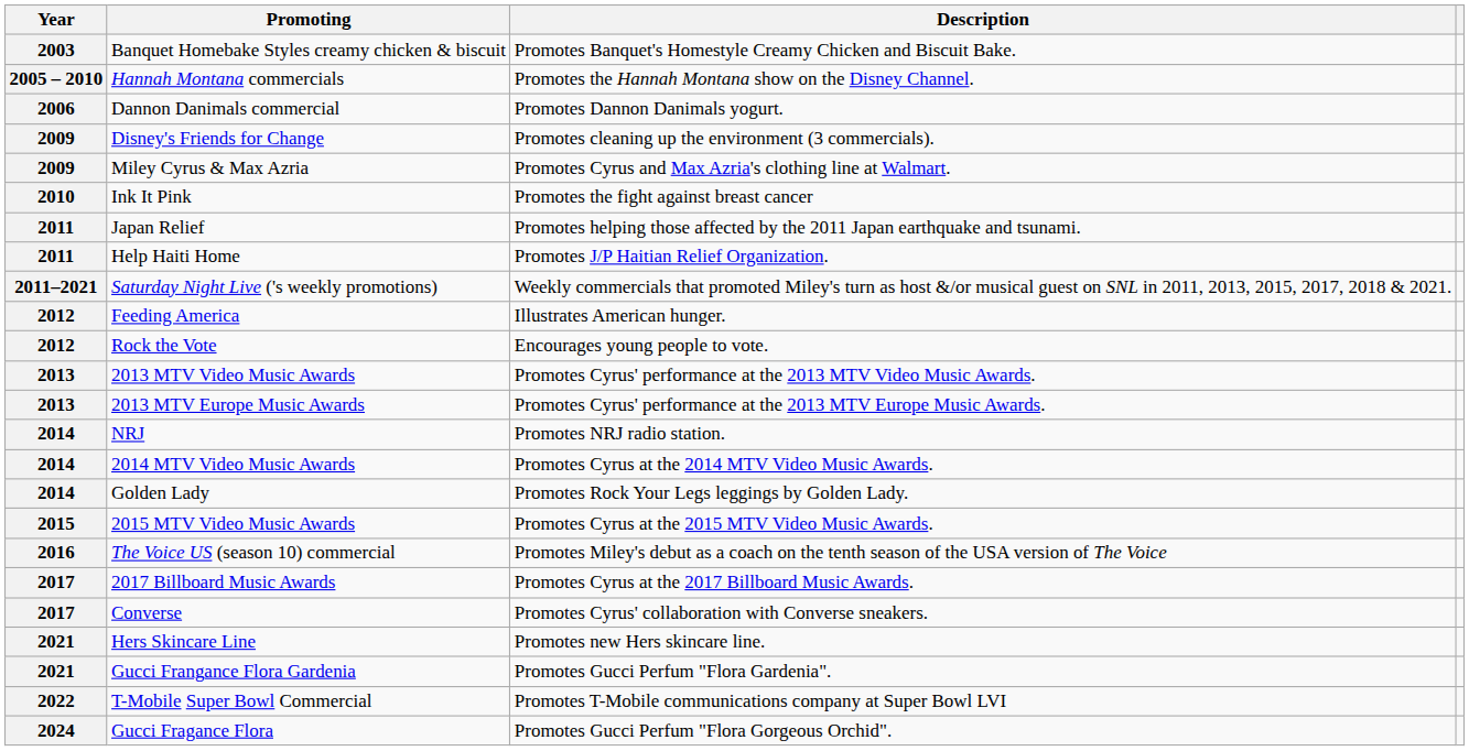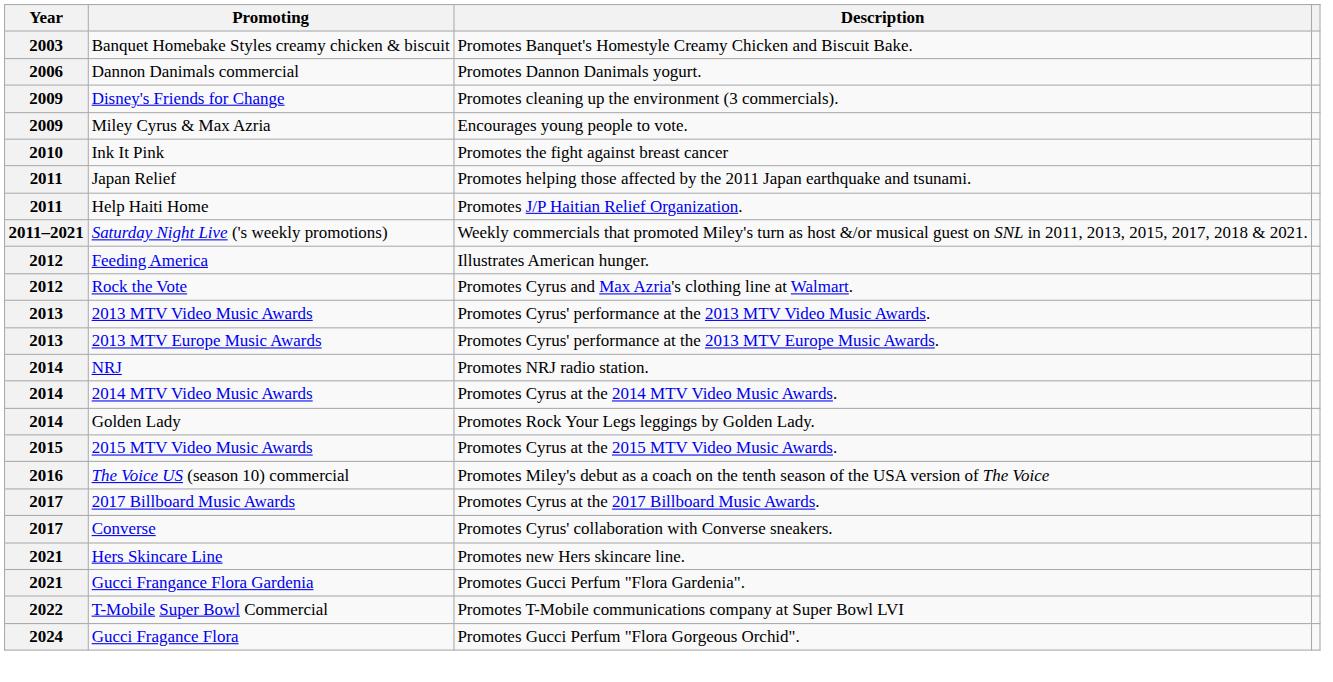 <table class="wikitable plainrowheaders sortable" style="margin-right: 0;">
 <tr>
 <th scope="col">Year</th>
 <th scope="col">Promoting</th>
 <th scope="col" class="unsortable">Description</th>
 <th scope="col" class="unsortable"></th>
 </tr>
 <tr>
 <th scope=row>2003</th>
 <td>Banquet Homebake Styles creamy chicken & biscuit</td>
 <td style="text-align:left;">Promotes Banquet's Homestyle Creamy Chicken and Biscuit Bake.</td>
-<td></td>
-</tr>
-<tr>
-<th scope=row>2005 – 2010</th>
-<td><em><a href='#'>Hannah Montana</a></em> commercials</td>
-<td style="text-align:left;">Promotes the <em>Hannah Montana</em> show on the <a href='#'>Disney Channel</a>.</td>
 <td></td>
 </tr>
 <tr>
 <th scope="row">2006</th>
 <td>Dannon Danimals commercial</td>
 <td>Promotes Dannon Danimals yogurt.</td>
 <td></td>
 </tr>
 <tr>
 <th scope="row">2009</th>
 <td><a href='#'>Disney's Friends for Change</a></td>
 <td style="text-align:left;">Promotes cleaning up the environment (3 commercials).</td>
 <td></td>
 </tr>
 <tr>
 <th scope=row>2009</th>
 <td>Miley Cyrus & Max Azria</td>
-<td style="text-align:left;">Promotes Cyrus and <a href='#'>Max Azria</a>'s clothing line at <a href='#'>Walmart</a>.</td>
+<td style="text-align:left;">Encourages young people to vote.</td>
 <td></td>
 </tr>
 <tr>
 <th scope=row>2010</th>
 <td>Ink It Pink</td>
 <td style="text-align:left;">Promotes the fight against breast cancer</td>
 <td></td>
 </tr>
 <tr>
 <th scope=row>2011</th>
 <td>Japan Relief</td>
 <td style="text-align:left;">Promotes helping those affected by the 2011 Japan earthquake and tsunami.</td>
 <td></td>
 </tr>
 <tr>
 <th scope=row>2011</th>
 <td>Help Haiti Home</td>
 <td style="text-align:left;">Promotes <a href='#'>J/P Haitian Relief Organization</a>.</td>
 <td></td>
 </tr>
 <tr>
 <th scope=row>2011–2021</th>
 <td><em><a href='#'>Saturday Night Live</a></em> ('s weekly promotions)</td>
 <td style="text-alugn:left;">Weekly commercials that promoted Miley's turn as host &/or musical guest on <em>SNL</em> in 2011, 2013, 2015, 2017, 2018 & 2021.</td>
 <td></td>
 </tr>
 <tr>
 <th scope=row>2012</th>
 <td><a href='#'>Feeding America</a></td>
 <td style="text-align:left;">Illustrates American hunger.</td>
 <td></td>
 </tr>
 <tr>
 <th scope=row>2012</th>
 <td><a href='#'>Rock the Vote</a></td>
-<td style="text-align:left;">Encourages young people to vote.</td>
+<td style="text-align:left;">Promotes Cyrus and <a href='#'>Max Azria</a>'s clothing line at <a href='#'>Walmart</a>.</td>
 <td></td>
 </tr>
 <tr>
 <th scope=row>2013</th>
 <td><a href='#'>2013 MTV Video Music Awards</a></td>
 <td style="text-align:left;">Promotes Cyrus' performance at the <a href='#'>2013 MTV Video Music Awards</a>.</td>
 <td></td>
 </tr>
 <tr>
 <th scope=row>2013</th>
 <td><a href='#'>2013 MTV Europe Music Awards</a></td>
 <td style="text-align:left;">Promotes Cyrus' performance at the <a href='#'>2013 MTV Europe Music Awards</a>.</td>
 <td></td>
 </tr>
 <tr>
 <th scope=row>2014</th>
 <td><a href='#'>NRJ</a></td>
 <td style="text-align:left;">Promotes NRJ radio station.</td>
 <td></td>
 </tr>
 <tr>
 <th scope=row>2014</th>
 <td><a href='#'>2014 MTV Video Music Awards</a></td>
 <td style="text-align:left;">Promotes Cyrus at the <a href='#'>2014 MTV Video Music Awards</a>.</td>
 <td></td>
 </tr>
 <tr>
 <th scope=row>2014</th>
 <td>Golden Lady</td>
 <td style="text-align:left;">Promotes Rock Your Legs leggings by Golden Lady.</td>
 <td></td>
 </tr>
 <tr>
 <th scope=row>2015</th>
 <td><a href='#'>2015 MTV Video Music Awards</a></td>
 <td style="text-align:left;">Promotes Cyrus at the <a href='#'>2015 MTV Video Music Awards</a>.</td>
 <td></td>
 </tr>
 <tr>
 <th scope=row>2016</th>
 <td><a href='#'><em>The Voice US</em></a> (season 10) commercial</td>
 <td style="text-align:left;">Promotes Miley's debut as a coach on the tenth season of the USA version of <em>The Voice</em></td>
 <td></td>
 </tr>
 <tr>
 <th scope=row>2017</th>
 <td><a href='#'>2017 Billboard Music Awards</a></td>
 <td style="text-align:left;">Promotes Cyrus at the <a href='#'>2017 Billboard Music Awards</a>.</td>
 <td></td>
 </tr>
 <tr>
 <th scope=row>2017</th>
 <td><a href='#'>Converse</a></td>
 <td style="text-align:left;">Promotes Cyrus' collaboration with Converse sneakers.</td>
 <td></td>
 </tr>
 <tr>
 <th scope=row>2021</th>
 <td><a href='#'>Hers Skincare Line</a></td>
 <td style="text-align:left;">Promotes new Hers skincare line.</td>
 <td></td>
 </tr>
 <tr>
 <th scope=row>2021</th>
 <td><a href='#'>Gucci Frangance Flora Gardenia</a></td>
 <td style="text-align:left;">Promotes Gucci Perfum "Flora Gardenia".</td>
 <td></td>
 </tr>
 <tr>
 <th scope=row>2022</th>
 <td><a href='#'>T-Mobile</a> <a href='#'>Super Bowl</a> Commercial</td>
 <td style="text-align:left;">Promotes T-Mobile communications company at Super Bowl LVI</td>
 <td></td>
 </tr>
 <tr>
 <th scope=row>2024</th>
 <td><a href='#'>Gucci Fragance Flora</a></td>
 <td style="text-align:left;">Promotes Gucci Perfum "Flora Gorgeous Orchid".</td>
 <td></td>
 </tr>
 </table>
